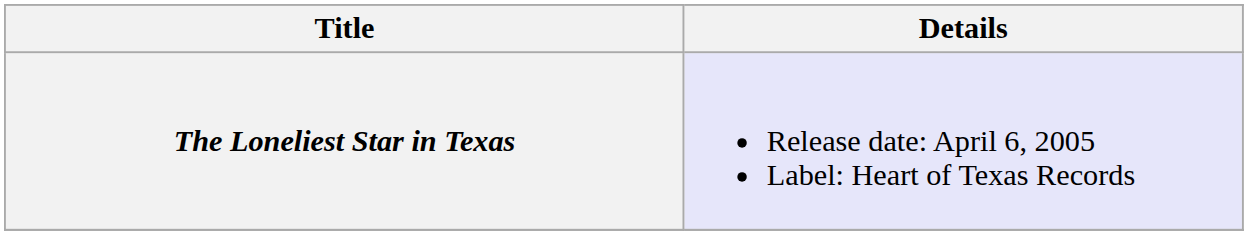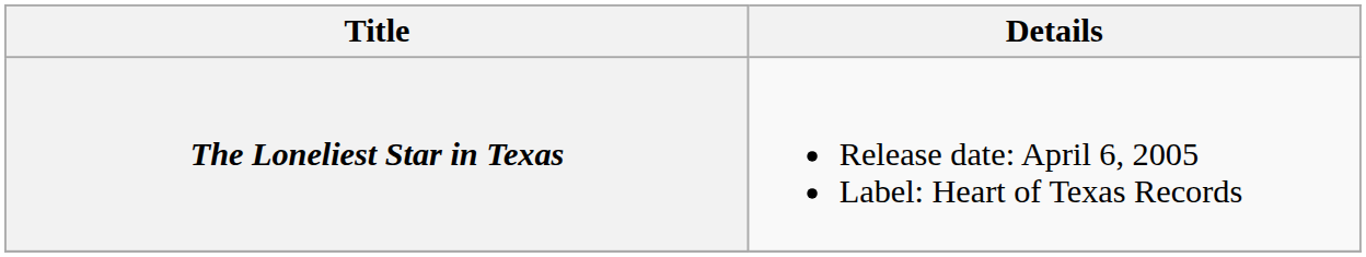 <table class="wikitable plainrowheaders">
 <tr>
 <th style="width:22em;">Title</th>
 <th style="width:18em;">Details</th>
 </tr>
 <tr>
 <th scope="row"><em>The Loneliest Star in Texas</em></th>
-<td style="background: lavender;"><br><ul><li>Release date: April 6, 2005</li><li>Label: Heart of Texas Records</li></ul></td>
+<td><br><ul><li>Release date: April 6, 2005</li><li>Label: Heart of Texas Records</li></ul></td>
 </tr>
 <tr>
 </tr>
 </table>
